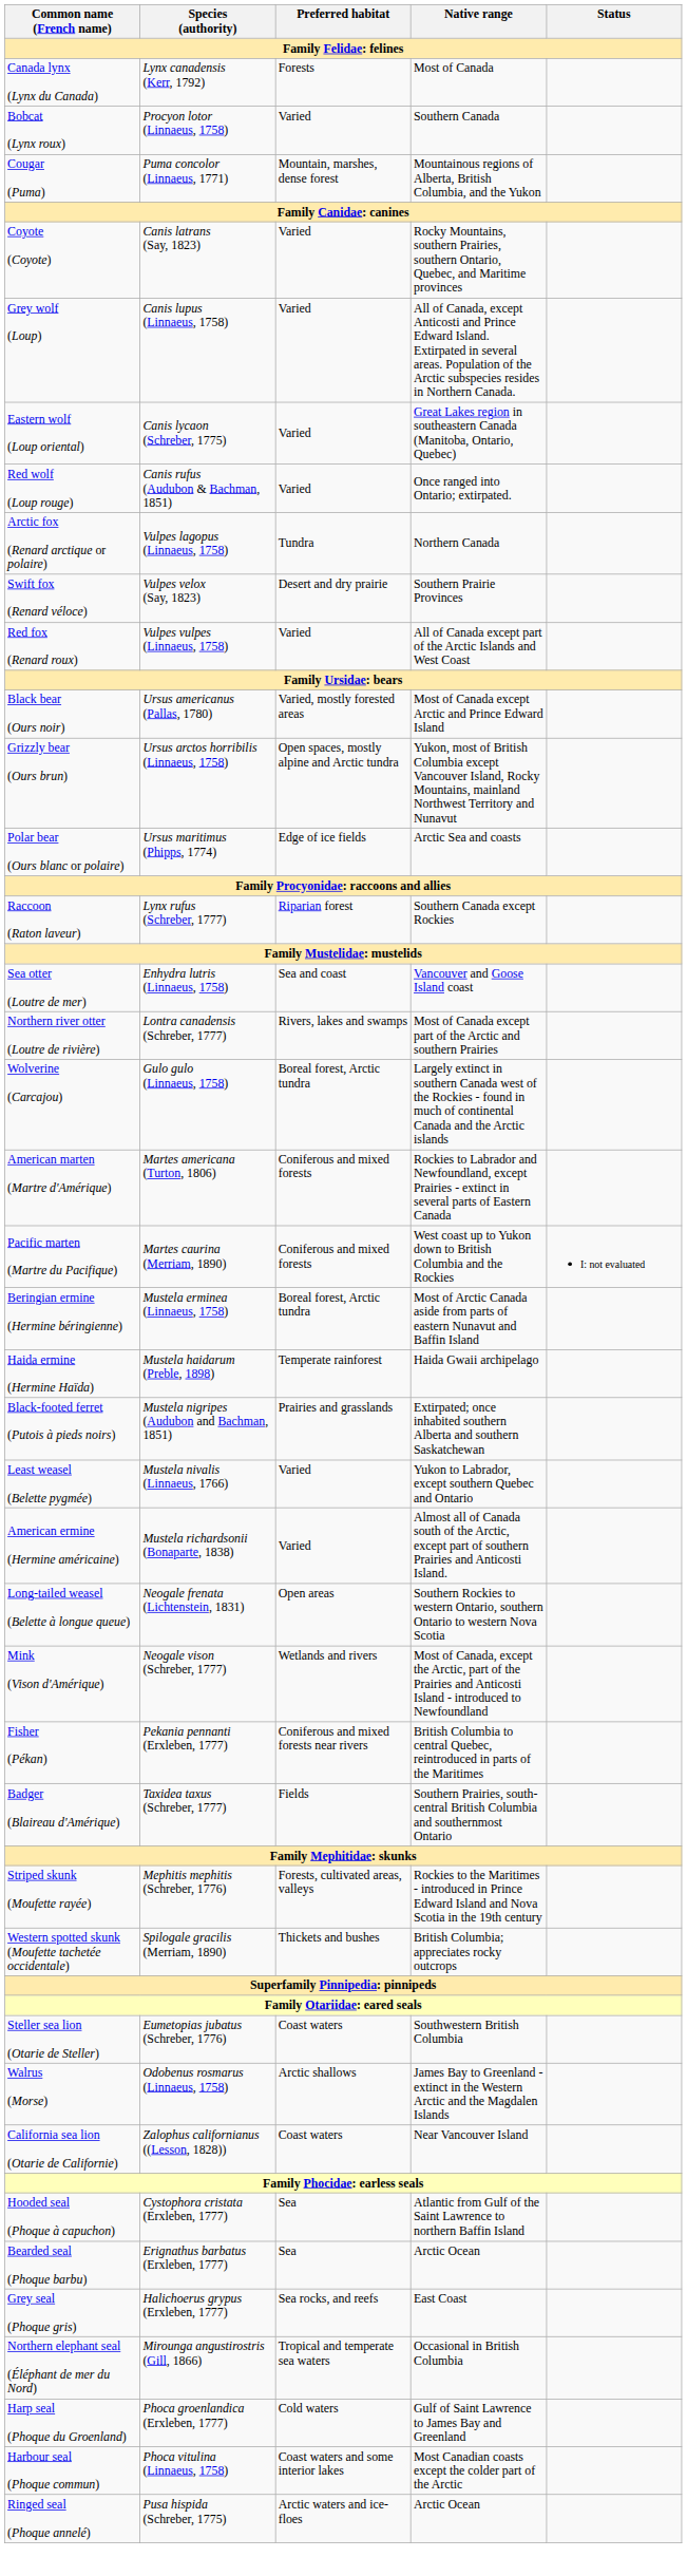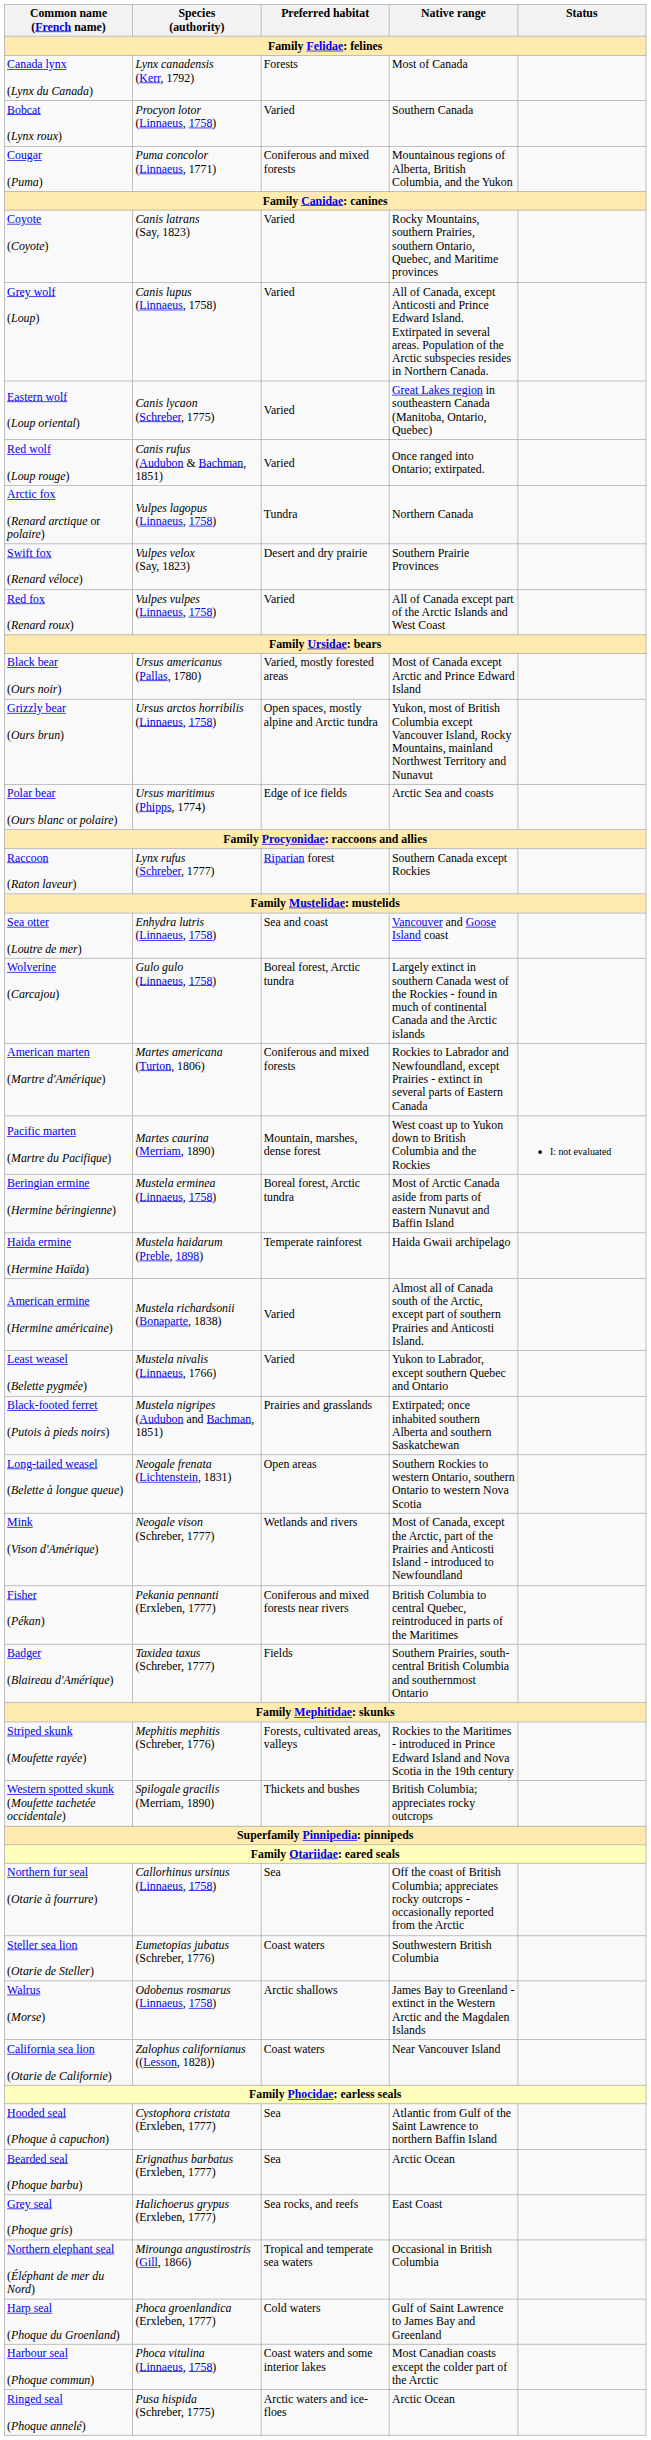 <table class="wikitable sortable sticky-header-multi" style=text-align:center" style="margin:1em auto;">
 <tr valign="top">
 <th style="width:20%;">Common name<br>(<a href='#'>French</a> name)</th>
 <th style="width:20%;">Species<br>(authority)</th>
 <th style="width:20%;">Preferred habitat</th>
 <th style="width:20%;">Native range</th>
 <th style="width:20%;">Status</th>
 </tr>
 <tr>
 <td style="text-align:center;" bgcolor="#ffebad" colspan=5><strong>Family <a href='#'>Felidae</a>: felines</strong></td>
 </tr>
 <tr valign="top">
 <td><a href='#'>Canada lynx</a><br><br>(<em>Lynx du Canada</em>)</td>
 <td><em>Lynx canadensis</em><br>(<a href='#'>Kerr</a>, 1792)</td>
 <td>Forests</td>
 <td>Most of Canada</td>
 <td></td>
 </tr>
 <tr valign="top">
 <td><a href='#'>Bobcat</a><br><br>(<em>Lynx roux</em>)</td>
 <td><em>Procyon lotor</em><br>(<a href='#'>Linnaeus</a>, <a href='#'>1758</a>)</td>
 <td>Varied</td>
 <td>Southern Canada</td>
 <td></td>
 </tr>
 <tr valign="top">
 <td><a href='#'>Cougar</a><br><br>(<em>Puma</em>)</td>
 <td><em>Puma concolor</em><br>(<a href='#'>Linnaeus</a>, 1771)</td>
-<td>Mountain, marshes, dense forest</td>
+<td>Coniferous and mixed forests</td>
 <td>Mountainous regions of Alberta, British Columbia, and the Yukon</td>
 <td></td>
 </tr>
 <tr>
 <td style="text-align:center;" bgcolor="#ffebad" colspan=5><strong>Family <a href='#'>Canidae</a>: canines</strong></td>
 </tr>
 <tr valign="top">
 <td><a href='#'>Coyote</a><br><br>(<em>Coyote</em>)</td>
 <td><em>Canis latrans</em><br>(Say, 1823)</td>
 <td>Varied</td>
 <td>Rocky Mountains, southern Prairies, southern Ontario, Quebec, and Maritime provinces</td>
 <td></td>
 </tr>
 <tr valign="top">
 <td><a href='#'>Grey wolf</a><br><br>(<em>Loup</em>)</td>
 <td><em>Canis lupus</em><br>(<a href='#'>Linnaeus</a>, 1758)</td>
 <td>Varied</td>
 <td>All of Canada, except Anticosti and Prince Edward Island. Extirpated in several areas. Population of the Arctic subspecies resides in Northern Canada.</td>
 <td></td>
 </tr>
 <tr>
 <td><a href='#'>Eastern wolf</a><br><br>(<em>Loup oriental</em>)</td>
 <td><em>Canis lycaon</em><br>(<a href='#'>Schreber</a>, 1775)</td>
 <td>Varied</td>
 <td><a href='#'>Great Lakes region</a> in southeastern Canada (Manitoba, Ontario, Quebec)</td>
 <td></td>
 </tr>
 <tr>
 <td><a href='#'>Red wolf</a><br><br>(<em>Loup rouge</em>)</td>
 <td><em>Canis rufus</em><br>(<a href='#'>Audubon</a> & <a href='#'>Bachman</a>, 1851)</td>
 <td>Varied</td>
 <td>Once ranged into Ontario; extirpated.</td>
 <td></td>
 </tr>
 <tr valing="top">
 <td><a href='#'>Arctic fox</a><br><br>(<em>Renard arctique</em> or <em>polaire</em>)</td>
 <td><em>Vulpes lagopus</em><br>(<a href='#'>Linnaeus</a>, <a href='#'>1758</a>)</td>
 <td>Tundra</td>
 <td>Northern Canada</td>
 <td></td>
 </tr>
 <tr valign="top">
 <td><a href='#'>Swift fox</a><br><br>(<em>Renard véloce</em>)</td>
 <td><em>Vulpes velox</em><br>(Say, 1823)</td>
 <td>Desert and dry prairie</td>
 <td>Southern Prairie Provinces</td>
 <td></td>
 </tr>
 <tr valign="top">
 <td><a href='#'>Red fox</a><br><br>(<em>Renard roux</em>)</td>
 <td><em>Vulpes vulpes</em><br>(<a href='#'>Linnaeus</a>, <a href='#'>1758</a>)</td>
 <td>Varied</td>
 <td>All of Canada except part of the Arctic Islands and West Coast</td>
 <td></td>
 </tr>
 <tr>
 <td style="text-align:center;" bgcolor="#ffebad" colspan=5><strong>Family <a href='#'>Ursidae</a>: bears</strong></td>
 </tr>
 <tr valign="top">
 <td><a href='#'>Black bear</a><br><br>(<em>Ours noir</em>)</td>
 <td><em>Ursus americanus</em><br>(<a href='#'>Pallas</a>, 1780)</td>
 <td>Varied, mostly forested areas</td>
 <td>Most of Canada except Arctic and Prince Edward Island</td>
 <td></td>
 </tr>
 <tr valign="top">
 <td><a href='#'>Grizzly bear</a><br><br>(<em>Ours brun</em>)</td>
 <td><em>Ursus arctos horribilis</em><br>(<a href='#'>Linnaeus</a>, <a href='#'>1758</a>)</td>
 <td>Open spaces, mostly alpine and Arctic tundra</td>
 <td>Yukon, most of British Columbia except Vancouver Island, Rocky Mountains, mainland Northwest Territory and Nunavut</td>
 <td></td>
 </tr>
 <tr valign="top">
 <td><a href='#'>Polar bear</a><br><br>(<em>Ours blanc</em> or <em>polaire</em>)</td>
 <td><em>Ursus maritimus</em><br>(<a href='#'>Phipps</a>, 1774)</td>
 <td>Edge of ice fields</td>
 <td>Arctic Sea and coasts</td>
 <td></td>
 </tr>
 <tr>
 <td style="text-align:center;" bgcolor="#ffebad" colspan=5><strong>Family <a href='#'>Procyonidae</a>: raccoons and allies</strong></td>
 </tr>
 <tr valign="top">
 <td><a href='#'>Raccoon</a><br><br>(<em>Raton laveur</em>)</td>
 <td><em>Lynx rufus</em><br>(<a href='#'>Schreber</a>, 1777)</td>
 <td><a href='#'>Riparian</a> forest</td>
 <td>Southern Canada except Rockies</td>
 <td></td>
 </tr>
 <tr>
 <td style="text-align:center;" bgcolor="#ffebad" colspan=5><strong>Family <a href='#'>Mustelidae</a>: mustelids</strong></td>
 </tr>
 <tr valign="top">
 <td><a href='#'>Sea otter</a><br> <br>(<em>Loutre de mer</em>)</td>
 <td><em>Enhydra lutris</em><br>(<a href='#'>Linnaeus</a>, <a href='#'>1758</a>)</td>
 <td>Sea and coast</td>
 <td><a href='#'>Vancouver</a> and <a href='#'>Goose Island</a> coast</td>
 <td></td>
 </tr>
 <tr valign="top">
-<td><a href='#'>Northern river otter</a><br> <br>(<em>Loutre de rivière</em>)</td>
-<td><em>Lontra canadensis</em><br>(Schreber, 1777)</td>
-<td>Rivers, lakes and swamps</td>
-<td>Most of Canada except part of the Arctic and southern Prairies</td>
-<td></td>
-</tr>
-<tr valign="top">
 <td><a href='#'>Wolverine</a><br> <br>(<em>Carcajou</em>)</td>
 <td><em>Gulo gulo</em><br>(<a href='#'>Linnaeus</a>, <a href='#'>1758</a>)</td>
 <td>Boreal forest, Arctic tundra</td>
 <td>Largely extinct in southern Canada west of the Rockies - found in much of continental Canada and the Arctic islands</td>
 <td></td>
 </tr>
 <tr valign="top">
 <td><a href='#'>American marten</a><br> <br>(<em>Martre d'Amérique</em>)</td>
 <td><em>Martes americana</em><br>(<a href='#'>Turton</a>, 1806)</td>
 <td>Coniferous and mixed forests</td>
 <td>Rockies to Labrador and Newfoundland, except Prairies - extinct in several parts of Eastern Canada</td>
 <td></td>
 </tr>
 <tr>
 <td><a href='#'>Pacific marten</a><br><br>(<em>Martre du Pacifique</em>)</td>
 <td><em>Martes caurina</em><br>(<a href='#'>Merriam</a>, 1890)</td>
-<td>Coniferous and mixed forests</td>
+<td>Mountain, marshes, dense forest</td>
 <td>West coast up to Yukon down to British Columbia and the Rockies</td>
 <td><br><ul><li><small>I: not evaluated</small></li></ul></td>
 </tr>
 <tr valign="top">
 <td><a href='#'>Beringian ermine</a><br><br>(<em>Hermine béringienne</em>)</td>
 <td><em>Mustela erminea</em><br>(<a href='#'>Linnaeus</a>, <a href='#'>1758</a>)</td>
 <td>Boreal forest, Arctic tundra</td>
 <td>Most of Arctic Canada aside from parts of eastern Nunavut and Baffin Island</td>
 <td></td>
 </tr>
 <tr valign="top">
 <td><a href='#'>Haida ermine</a><br><br>(<em>Hermine Haïda</em>)</td>
 <td><em>Mustela haidarum</em><br>(<a href='#'>Preble</a>, <a href='#'>1898</a>)</td>
 <td>Temperate rainforest</td>
 <td>Haida Gwaii archipelago</td>
 <td></td>
 </tr>
-<tr valign="top">
-<td><a href='#'>Black-footed ferret</a><br><br>(<em>Putois à pieds noirs</em>)</td>
-<td><em>Mustela nigripes</em><br>(<a href='#'>Audubon</a> and <a href='#'>Bachman</a>, 1851)</td>
-<td>Prairies and grasslands</td>
-<td>Extirpated; once inhabited southern Alberta and southern Saskatchewan</td>
+<tr>
+<td><a href='#'>American ermine</a><br><br>(<em>Hermine américaine</em>)</td>
+<td><em>Mustela richardsonii</em><br>(<a href='#'>Bonaparte</a>, 1838)</td>
+<td>Varied</td>
+<td>Almost all of Canada south of the Arctic, except part of southern Prairies and Anticosti Island.</td>
 <td></td>
 </tr>
 <tr valign="top">
 <td><a href='#'>Least weasel</a><br><br>(<em>Belette pygmée</em>)</td>
 <td><em>Mustela nivalis</em><br>(<a href='#'>Linnaeus</a>, 1766)</td>
 <td>Varied</td>
 <td>Yukon to Labrador, except southern Quebec and Ontario</td>
 <td></td>
 </tr>
-<tr>
-<td><a href='#'>American ermine</a><br><br>(<em>Hermine américaine</em>)</td>
-<td><em>Mustela richardsonii</em><br>(<a href='#'>Bonaparte</a>, 1838)</td>
-<td>Varied</td>
-<td>Almost all of Canada south of the Arctic, except part of southern Prairies and Anticosti Island.</td>
+<tr valign="top">
+<td><a href='#'>Black-footed ferret</a><br><br>(<em>Putois à pieds noirs</em>)</td>
+<td><em>Mustela nigripes</em><br>(<a href='#'>Audubon</a> and <a href='#'>Bachman</a>, 1851)</td>
+<td>Prairies and grasslands</td>
+<td>Extirpated; once inhabited southern Alberta and southern Saskatchewan</td>
 <td></td>
 </tr>
 <tr valign="top">
 <td><a href='#'>Long-tailed weasel</a><br><br>(<em>Belette à longue queue</em>)</td>
 <td><em>Neogale frenata</em><br>(<a href='#'>Lichtenstein</a>, 1831)</td>
 <td>Open areas</td>
 <td>Southern Rockies to western Ontario, southern Ontario to western Nova Scotia</td>
 <td></td>
 </tr>
 <tr valign="top">
 <td><a href='#'>Mink</a><br><br>(<em>Vison d'Amérique</em>)</td>
 <td><em>Neogale vison</em><br>(Schreber, 1777)</td>
 <td>Wetlands and rivers</td>
 <td>Most of Canada, except the Arctic, part of the Prairies and Anticosti Island - introduced to Newfoundland</td>
 <td></td>
 </tr>
 <tr valign="top">
 <td><a href='#'>Fisher</a><br> <br>(<em>Pékan</em>)</td>
 <td><em>Pekania pennanti</em><br>(Erxleben, 1777)</td>
 <td>Coniferous and mixed forests near rivers</td>
 <td>British Columbia to central Quebec, reintroduced in parts of the Maritimes</td>
 <td></td>
 </tr>
 <tr valign="top">
 <td><a href='#'>Badger</a><br> <br>(<em>Blaireau d'Amérique</em>)</td>
 <td><em>Taxidea taxus</em><br>(Schreber, 1777)</td>
 <td>Fields</td>
 <td>Southern Prairies, south-central British Columbia and southernmost Ontario</td>
 <td></td>
 </tr>
 <tr>
 <td style="text-align:center;" bgcolor="#ffebad" colspan=5><strong>Family <a href='#'>Mephitidae</a>: skunks</strong></td>
 </tr>
 <tr valign="top">
 <td><a href='#'>Striped skunk</a><br> <br>(<em>Moufette rayée</em>)</td>
 <td><em>Mephitis mephitis</em><br>(Schreber, 1776)</td>
 <td>Forests, cultivated areas, valleys</td>
 <td>Rockies to the Maritimes - introduced in Prince Edward Island and Nova Scotia in the 19th century</td>
 <td></td>
 </tr>
 <tr valign="top">
 <td><a href='#'>Western spotted skunk</a><br>(<em>Moufette tachetée occidentale</em>)</td>
 <td><em>Spilogale gracilis</em><br>(Merriam, 1890)</td>
 <td>Thickets and bushes</td>
 <td>British Columbia; appreciates rocky outcrops</td>
 <td></td>
 </tr>
 <tr>
 <td style="text-align:center;" bgcolor="#ffebad" colspan=5><strong>Superfamily <a href='#'>Pinnipedia</a>: pinnipeds</strong></td>
 </tr>
 <tr>
 <td style="text-align:center;" bgcolor="#ffffbb" colspan=5><strong>Family <a href='#'>Otariidae</a>: eared seals</strong></td>
+</tr>
+<tr valign="top">
+<td><a href='#'>Northern fur seal</a><br> <br>(<em>Otarie à fourrure</em>)</td>
+<td><em>Callorhinus ursinus</em><br>(<a href='#'>Linnaeus</a>, <a href='#'>1758</a>)</td>
+<td>Sea</td>
+<td>Off the coast of British Columbia; appreciates rocky outcrops - occasionally reported from the Arctic</td>
+<td></td>
 </tr>
 <tr valign="top">
 <td><a href='#'>Steller sea lion</a><br> <br>(<em>Otarie de Steller</em>)</td>
 <td><em>Eumetopias jubatus</em><br>(Schreber, 1776)</td>
 <td>Coast waters</td>
 <td>Southwestern British Columbia</td>
 <td></td>
 </tr>
 <tr valign="top">
 <td><a href='#'>Walrus</a><br> <br>(<em>Morse</em>)</td>
 <td><em>Odobenus rosmarus</em><br>(<a href='#'>Linnaeus</a>, <a href='#'>1758</a>)</td>
 <td>Arctic shallows</td>
 <td>James Bay to Greenland - extinct in the Western Arctic and the Magdalen Islands</td>
 <td></td>
 </tr>
 <tr valign="top">
 <td><a href='#'>California sea lion</a><br> <br>(<em>Otarie de Californie</em>)</td>
 <td><em>Zalophus californianus</em><br>((<a href='#'>Lesson</a>, 1828))</td>
 <td>Coast waters</td>
 <td>Near Vancouver Island</td>
 <td></td>
 </tr>
 <tr>
 <td style="text-align:center;" bgcolor="#ffffbb" colspan=5><strong>Family <a href='#'>Phocidae</a>: earless seals</strong></td>
 </tr>
 <tr valign="top">
 <td><a href='#'>Hooded seal</a><br> <br>(<em>Phoque à capuchon</em>)</td>
 <td><em>Cystophora cristata</em><br>(Erxleben, 1777)</td>
 <td>Sea</td>
 <td>Atlantic from Gulf of the Saint Lawrence to northern Baffin Island</td>
 <td></td>
 </tr>
 <tr valign="top">
 <td><a href='#'>Bearded seal</a><br> <br>(<em>Phoque barbu</em>)</td>
 <td><em>Erignathus barbatus</em><br>(Erxleben, 1777)</td>
 <td>Sea</td>
 <td>Arctic Ocean</td>
 <td></td>
 </tr>
 <tr valign="top">
 <td><a href='#'>Grey seal</a><br> <br>(<em>Phoque gris</em>)</td>
 <td><em>Halichoerus grypus</em><br>(Erxleben, 1777)</td>
 <td>Sea rocks, and reefs</td>
 <td>East Coast</td>
 <td></td>
 </tr>
 <tr valign="top">
 <td><a href='#'>Northern elephant seal</a><br> <br>(<em>Éléphant de mer du Nord</em>)</td>
 <td><em>Mirounga angustirostris</em><br>(<a href='#'>Gill</a>, 1866)</td>
 <td>Tropical and temperate sea waters</td>
 <td>Occasional in British Columbia</td>
 <td></td>
 </tr>
 <tr valign="top">
 <td><a href='#'>Harp seal</a><br> <br>(<em>Phoque du Groenland</em>)</td>
 <td><em>Phoca groenlandica</em><br>(Erxleben, 1777)</td>
 <td>Cold waters</td>
 <td>Gulf of Saint Lawrence to James Bay and Greenland</td>
 <td></td>
 </tr>
 <tr valign="top">
 <td><a href='#'>Harbour seal</a><br> <br>(<em>Phoque commun</em>)</td>
 <td><em>Phoca vitulina</em><br>(<a href='#'>Linnaeus</a>, <a href='#'>1758</a>)</td>
 <td>Coast waters and some interior lakes</td>
 <td>Most Canadian coasts except the colder part of the Arctic</td>
 <td></td>
 </tr>
 <tr valign="top">
 <td><a href='#'>Ringed seal</a><br> <br>(<em>Phoque annelé</em>)</td>
 <td><em>Pusa hispida</em><br>(Schreber, 1775)</td>
 <td>Arctic waters and ice-floes</td>
 <td>Arctic Ocean</td>
 <td></td>
 </tr>
 </table>
